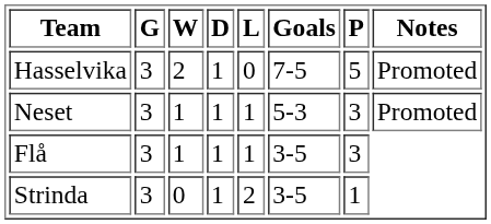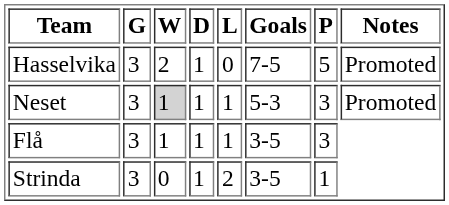 <table border="1" cellpadding="2">
 <tr>
 <th>Team</th>
 <th>G</th>
 <th>W</th>
 <th>D</th>
 <th>L</th>
 <th>Goals</th>
 <th>P</th>
 <th>Notes</th>
 </tr>
 <tr>
 <td>Hasselvika</td>
 <td>3</td>
 <td>2</td>
 <td>1</td>
 <td>0</td>
 <td>7-5</td>
 <td>5</td>
 <td>Promoted</td>
 </tr>
 <tr>
 <td>Neset</td>
 <td>3</td>
-<td>1</td>
+<td style="background: lightgrey;">1</td>
 <td>1</td>
 <td>1</td>
 <td>5-3</td>
 <td>3</td>
 <td>Promoted</td>
 </tr>
 <tr>
 <td>Flå</td>
 <td>3</td>
 <td>1</td>
 <td>1</td>
 <td>1</td>
 <td>3-5</td>
 <td>3</td>
 </tr>
 <tr>
 <td>Strinda</td>
 <td>3</td>
 <td>0</td>
 <td>1</td>
 <td>2</td>
 <td>3-5</td>
 <td>1</td>
 </tr>
 </table>
